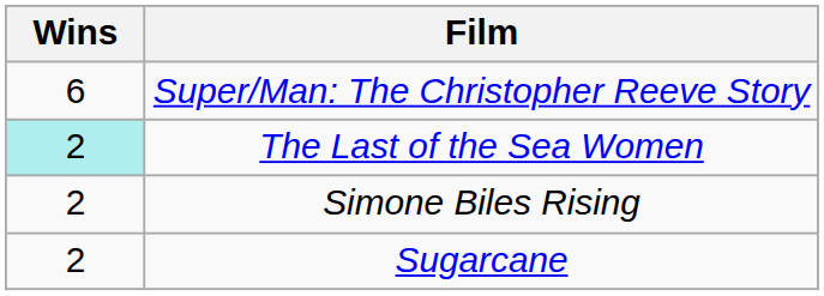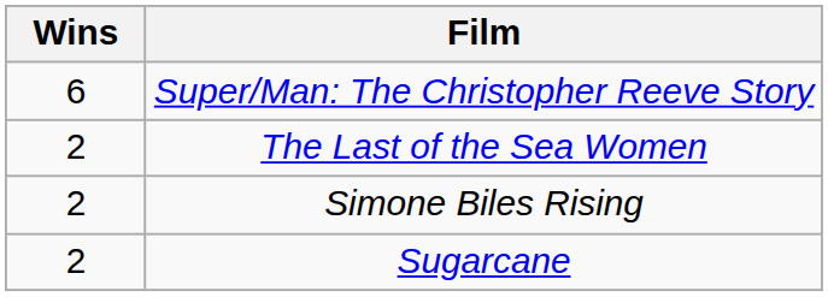 <table class="wikitable plainrowheaders" style="text-align: center;">
 <tr>
 <th scope="col" style="width:55px;">Wins</th>
 <th scope="col" style="text-align:center;">Film</th>
 </tr>
 <tr>
 <td>6</td>
 <td><em><a href='#'>Super/Man: The Christopher Reeve Story</a></em></td>
 </tr>
 <tr>
-<td style="background: paleturquoise;">2</td>
+<td>2</td>
 <td><em><a href='#'>The Last of the Sea Women</a></em></td>
 </tr>
 <tr>
 <td>2</td>
 <td><em>Simone Biles Rising</em></td>
 </tr>
 <tr>
 <td>2</td>
 <td><em><a href='#'>Sugarcane</a></em></td>
 </tr>
 </table>
